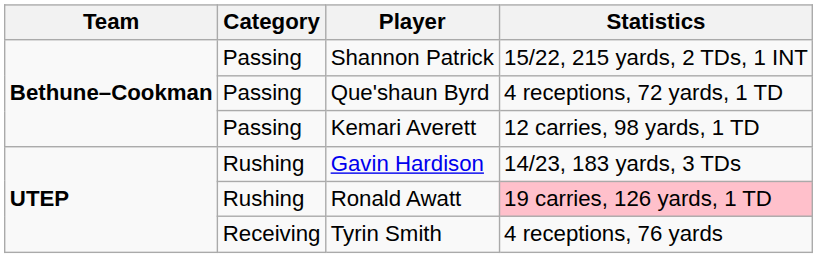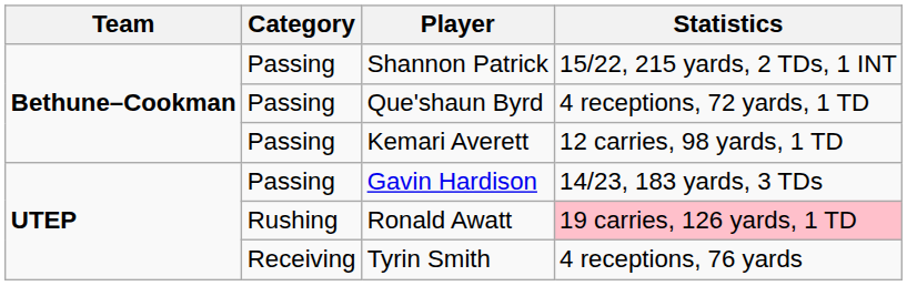 <table class="wikitable" style="float: left;">
 <tr>
 <th>Team</th>
 <th>Category</th>
 <th>Player</th>
 <th>Statistics</th>
 </tr>
 <tr>
 <td rowspan=3><strong>Bethune–Cookman</strong></td>
 <td>Passing</td>
 <td>Shannon Patrick</td>
 <td>15/22, 215 yards, 2 TDs, 1 INT</td>
 </tr>
 <tr>
 <td>Passing</td>
 <td>Que'shaun Byrd</td>
 <td>4 receptions, 72 yards, 1 TD</td>
 </tr>
 <tr>
 <td>Passing</td>
 <td>Kemari Averett</td>
 <td>12 carries, 98 yards, 1 TD</td>
 </tr>
 <tr>
 <td rowspan=3><strong>UTEP</strong></td>
-<td>Rushing</td>
+<td>Passing</td>
 <td><a href='#'>Gavin Hardison</a></td>
 <td>14/23, 183 yards, 3 TDs</td>
 </tr>
 <tr>
 <td>Rushing</td>
 <td>Ronald Awatt</td>
 <td style="background: pink;">19 carries, 126 yards, 1 TD</td>
 </tr>
 <tr>
 <td>Receiving</td>
 <td>Tyrin Smith</td>
 <td>4 receptions, 76 yards</td>
 </tr>
 </table>
